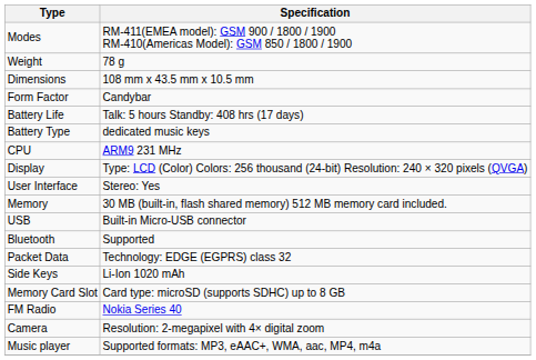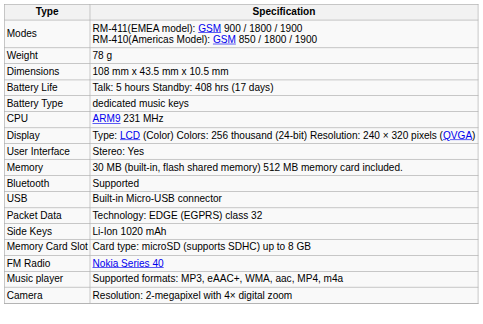 <table class="wikitable">
 <tr>
 <th>Type</th>
 <th>Specification</th>
 </tr>
 <tr>
 <td>Modes</td>
 <td>RM-411(EMEA model): <a href='#'>GSM</a> 900 / 1800 / 1900<br>RM-410(Americas Model): <a href='#'>GSM</a> 850 / 1800 / 1900</td>
 </tr>
 <tr>
 <td>Weight</td>
 <td>78 g</td>
 </tr>
 <tr dhj>
 <td>Dimensions</td>
 <td>108 mm x 43.5 mm x 10.5 mm</td>
-</tr>
-<tr>
-<td>Form Factor</td>
-<td>Candybar</td>
 </tr>
 <tr>
 <td>Battery Life</td>
 <td>Talk: 5 hours Standby:  408 hrs (17 days)</td>
 </tr>
 <tr>
 <td>Battery Type</td>
 <td>dedicated music keys</td>
 </tr>
 <tr>
 <td>CPU</td>
 <td><a href='#'>ARM9</a> 231 MHz</td>
 </tr>
 <tr>
 <td>Display</td>
 <td>Type: <a href='#'>LCD</a> (Color) Colors: 256 thousand (24-bit) Resolution: 240 × 320 pixels (<a href='#'>QVGA</a>)</td>
 </tr>
 <tr>
 <td>User Interface</td>
 <td>Stereo: Yes</td>
 </tr>
 <tr>
 <td>Memory</td>
 <td>30 MB (built-in, flash shared memory) 512 MB memory card included.</td>
 </tr>
 <tr>
+<td>Bluetooth</td>
+<td>Supported</td>
+</tr>
+<tr>
 <td>USB</td>
 <td>Built-in Micro-USB connector</td>
-</tr>
-<tr>
-<td>Bluetooth</td>
-<td>Supported</td>
 </tr>
 <tr>
 <td>Packet Data</td>
 <td>Technology: EDGE (EGPRS) class 32</td>
 </tr>
 <tr>
 <td>Side Keys</td>
 <td>Li-Ion 1020 mAh</td>
 </tr>
 <tr>
 <td>Memory Card Slot</td>
 <td>Card type: microSD (supports SDHC) up to 8 GB</td>
 </tr>
 <tr>
 <td>FM Radio</td>
 <td><a href='#'>Nokia Series 40</a></td>
 </tr>
 <tr>
+<td>Music player</td>
+<td>Supported formats: MP3, eAAC+, WMA, aac, MP4, m4a</td>
+</tr>
+<tr>
 <td>Camera</td>
 <td>Resolution: 2-megapixel with 4× digital zoom</td>
 </tr>
 <tr>
-<td>Music player</td>
-<td>Supported formats: MP3, eAAC+, WMA, aac, MP4, m4a</td>
-</tr>
-<tr>
 </tr>
 </table>
